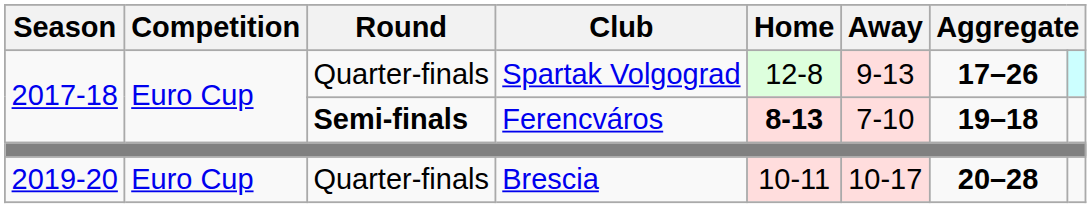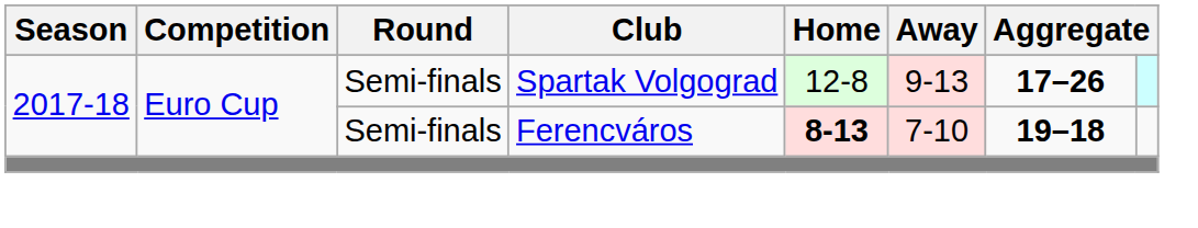 <table class="wikitable collapsible collapsed" align="center" style="text-align:left;">
 <tr>
 <th>Season</th>
 <th>Competition</th>
 <th>Round</th>
 <th>Club</th>
 <th>Home</th>
 <th>Away</th>
 <th colspan=2>Aggregate</th>
 </tr>
 <tr>
 <td rowspan=2><a href='#'>2017-18</a></td>
 <td rowspan=2><a href='#'>Euro Cup</a></td>
-<td>Quarter-finals</td>
+<td>Semi-finals</td>
 <td> <a href='#'>Spartak Volgograd</a></td>
 <td style="text-align:center; background:#dfd;">12-8</td>
 <td style="text-align:center; background:#fdd;">9-13</td>
 <td style="text-align:center;"><strong>17–26</strong></td>
 <td style="background-color:#CFF" align="center"></td>
 </tr>
 <tr>
-<td><strong>Semi-finals</strong></td>
+<td>Semi-finals</td>
 <td> <a href='#'>Ferencváros</a></td>
 <td style="text-align:center; background:#fdd;"><strong>8-13</strong></td>
 <td style="text-align:center; background:#fdd;">7-10</td>
 <td style="text-align:center;"><strong>19–18</strong></td>
 <td align="center"></td>
 </tr>
 <tr>
 <td colspan=8 style="text-align: center;" bgcolor=grey></td>
 </tr>
-<tr>
-<td rowspan=1><a href='#'>2019-20</a></td>
-<td rowspan=1><a href='#'>Euro Cup</a></td>
-<td>Quarter-finals</td>
-<td> <a href='#'>Brescia</a></td>
-<td style="text-align:center; background:#fdd;">10-11</td>
-<td style="text-align:center; background:#fdd;">10-17</td>
-<td style="text-align:center;"><strong>20–28</strong></td>
-<td align="center"></td>
-</tr>
 </table>
